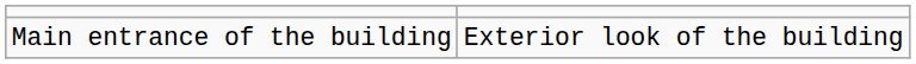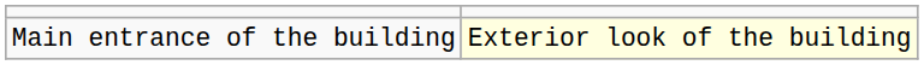 <table class="wikitable">
 <tr>
 <td></td>
 <td></td>
 </tr>
 <tr>
 <td>Main entrance of the building</td>
-<td>Exterior look of the building</td>
+<td style="background: lightyellow;">Exterior look of the building</td>
 </tr>
 </table>
